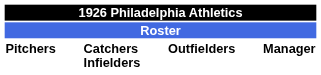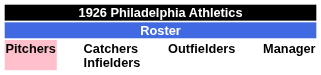 <table class="toccolours" style="font-size: 95%;">
 <tr>
 <th colspan="10" style="background-color: black; color: white ; text-align: center;">1926 Philadelphia Athletics</th>
 </tr>
 <tr>
 <td colspan="10" style="background-color: #4169e1; color: white ; text-align: center;"><strong>Roster</strong></td>
 </tr>
 <tr>
-<td valign="top"><strong>Pitchers</strong><br>          </td>
+<td valign="top" style="background: pink;"><strong>Pitchers</strong><br>          </td>
 <td width="25px"></td>
 <td valign="top"><strong>Catchers</strong><br>   <strong>Infielders</strong>         </td>
 <td width="25px"></td>
 <td valign="top"><strong>Outfielders</strong><br>       </td>
 <td width="25px"></td>
 <td valign="top"><strong>Manager</strong><br></td>
 </tr>
 </table>
